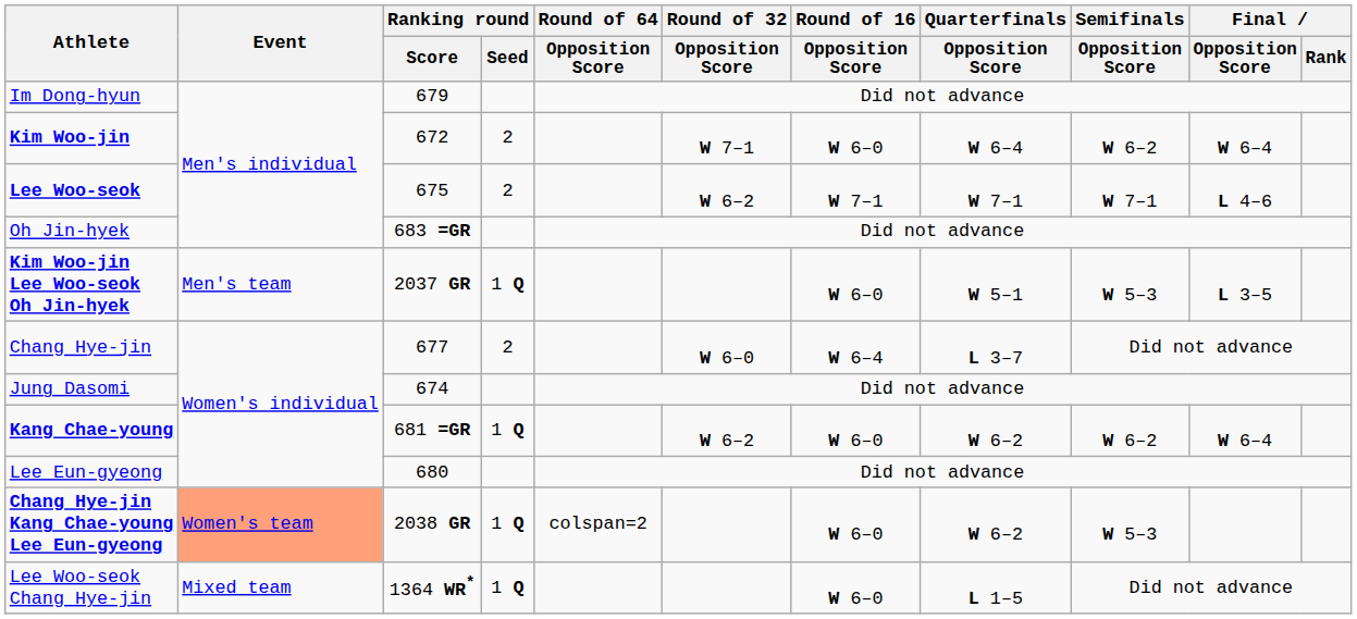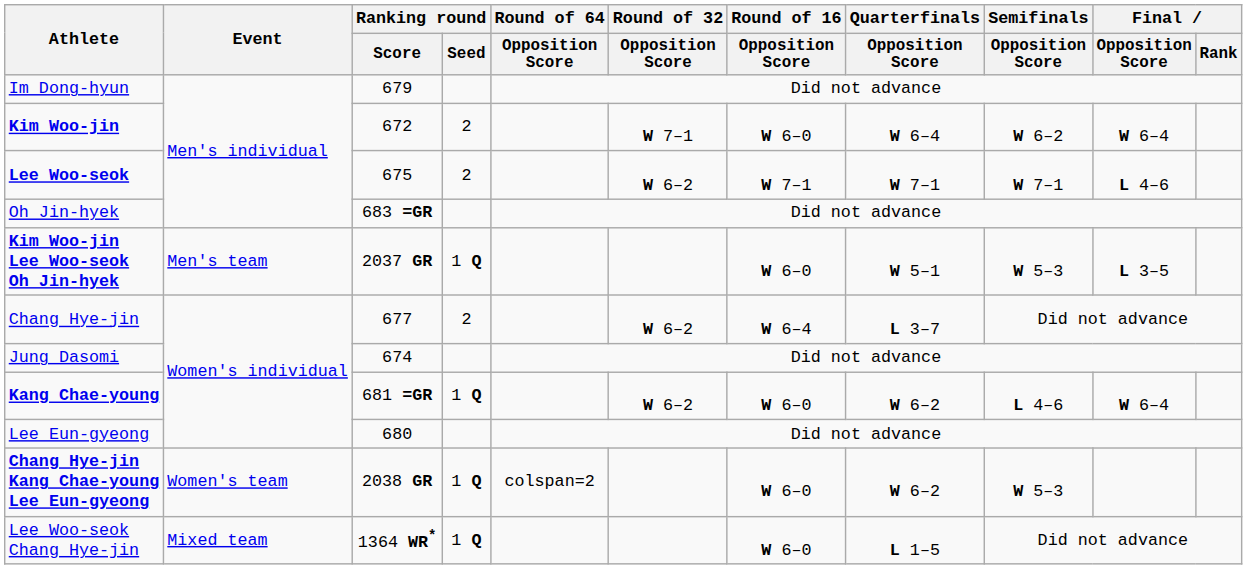 <table class="wikitable" style="font-size:90%; text-align:center;">
 <tr>
 <th rowspan="2">Athlete</th>
 <th rowspan="2">Event</th>
 <th colspan="2">Ranking round</th>
 <th>Round of 64</th>
 <th>Round of 32</th>
 <th>Round of 16</th>
 <th>Quarterfinals</th>
 <th>Semifinals</th>
 <th colspan=2>Final / </th>
 </tr>
 <tr style=font-size:95%>
 <th>Score</th>
 <th>Seed</th>
 <th>Opposition<br>Score</th>
 <th>Opposition<br>Score</th>
 <th>Opposition<br>Score</th>
 <th>Opposition<br>Score</th>
 <th>Opposition<br>Score</th>
 <th>Opposition<br>Score</th>
 <th>Rank</th>
 </tr>
 <tr>
 <td align=left><a href='#'>Im Dong-hyun</a></td>
 <td align=left rowspan=4><a href='#'>Men's individual</a></td>
 <td>679</td>
 <td></td>
 <td colspan=7>Did not advance</td>
 </tr>
 <tr>
 <td align=left><strong><a href='#'>Kim Woo-jin</a></strong></td>
 <td>672</td>
 <td>2 </td>
 <td></td>
 <td><br><strong>W</strong> 7–1</td>
 <td><br><strong>W</strong> 6–0</td>
 <td><br><strong>W</strong> 6–4</td>
 <td><br><strong>W</strong> 6–2</td>
 <td><br><strong>W</strong> 6–4</td>
 <td></td>
 </tr>
 <tr>
 <td align=left><strong><a href='#'>Lee Woo-seok</a></strong></td>
 <td>675</td>
 <td>2 </td>
 <td></td>
 <td><br><strong>W</strong> 6–2</td>
 <td><br><strong>W</strong> 7–1</td>
 <td><br><strong>W</strong> 7–1</td>
 <td><br><strong>W</strong> 7–1</td>
 <td><br><strong>L</strong> 4–6</td>
 <td></td>
 </tr>
 <tr>
 <td align=left><a href='#'>Oh Jin-hyek</a></td>
 <td>683 <strong>=GR</strong></td>
 <td></td>
 <td colspan=7>Did not advance</td>
 </tr>
 <tr>
 <td align=left><strong><a href='#'>Kim Woo-jin</a><br><a href='#'>Lee Woo-seok</a><br><a href='#'>Oh Jin-hyek</a></strong></td>
 <td align=left><a href='#'>Men's team</a></td>
 <td>2037 <strong>GR</strong></td>
 <td>1 <strong>Q</strong></td>
 <td></td>
 <td></td>
 <td><br><strong>W</strong> 6–0</td>
 <td><br><strong>W</strong> 5–1</td>
 <td><br><strong>W</strong> 5–3</td>
 <td><br><strong>L</strong> 3–5</td>
 <td></td>
 </tr>
 <tr>
 <td align=left><a href='#'>Chang Hye-jin</a></td>
 <td align=left rowspan=4><a href='#'>Women's individual</a></td>
 <td>677</td>
 <td>2 </td>
 <td></td>
-<td><br><strong>W</strong> 6–0</td>
+<td><br><strong>W</strong> 6–2</td>
 <td><br><strong>W</strong> 6–4</td>
 <td><br><strong>L</strong> 3–7</td>
 <td colspan=4>Did not advance</td>
 </tr>
 <tr>
 <td align=left><a href='#'>Jung Dasomi</a></td>
 <td>674</td>
 <td></td>
 <td colspan=7>Did not advance</td>
 </tr>
 <tr>
 <td align=left><strong><a href='#'>Kang Chae-young</a></strong></td>
 <td>681 <strong>=GR</strong></td>
 <td>1 <strong>Q</strong></td>
 <td></td>
 <td><br><strong>W</strong> 6–2</td>
 <td><br><strong>W</strong> 6–0</td>
 <td><br><strong>W</strong> 6–2</td>
-<td><br><strong>W</strong> 6–2</td>
+<td><br><strong>L</strong> 4–6</td>
 <td><br><strong>W</strong> 6–4</td>
 <td></td>
 </tr>
 <tr>
 <td align=left><a href='#'>Lee Eun-gyeong</a></td>
 <td>680</td>
 <td></td>
 <td colspan=7>Did not advance</td>
 </tr>
 <tr>
 <td align=left><strong><a href='#'>Chang Hye-jin</a><br><a href='#'>Kang Chae-young</a><br><a href='#'>Lee Eun-gyeong</a></strong></td>
-<td align=left style="background: lightsalmon;"><a href='#'>Women's team</a></td>
+<td align=left><a href='#'>Women's team</a></td>
 <td>2038 <strong>GR</strong></td>
 <td>1 <strong>Q</strong></td>
 <td>colspan=2</td>
 <td></td>
 <td><br><strong>W</strong> 6–0</td>
 <td><br><strong>W</strong> 6–2</td>
 <td><br><strong>W</strong> 5–3</td>
 <td></td>
 </tr>
 <tr>
 <td align=left><a href='#'>Lee Woo-seok</a><br><a href='#'>Chang Hye-jin</a></td>
 <td align=left><a href='#'>Mixed team</a></td>
 <td>1364 <strong>WR</strong><sup><strong>*</strong></sup></td>
 <td>1 <strong>Q</strong></td>
 <td></td>
 <td></td>
 <td><br><strong>W</strong> 6–0</td>
 <td><br><strong>L</strong> 1–5</td>
 <td colspan=3>Did not advance</td>
 </tr>
 </table>
